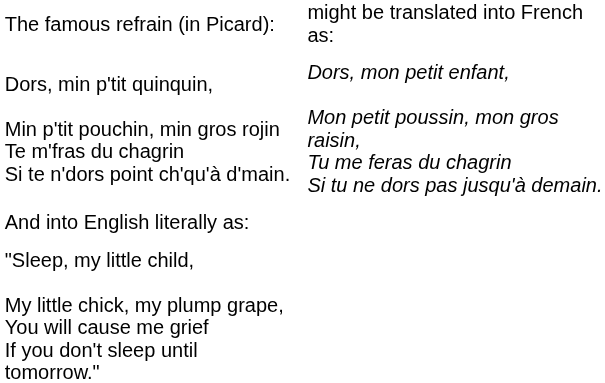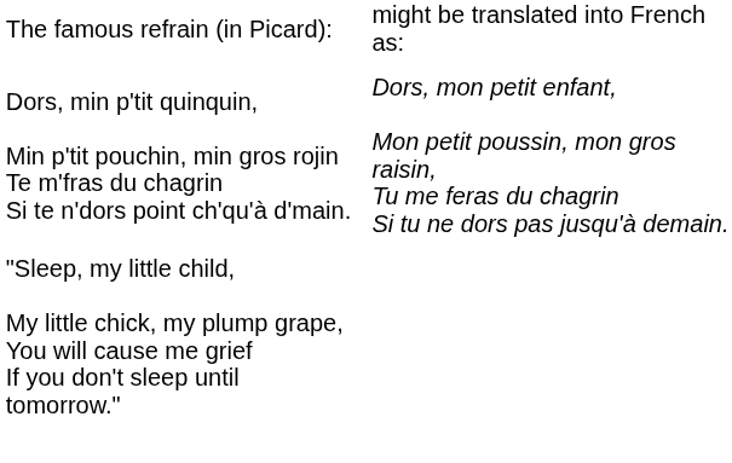 <table cellpadding=5 align=center width=80%>
 <tr>
 <td>The famous refrain (in Picard):</td>
 <td>might be translated into French as:</td>
 </tr>
 <tr -->
 <td>Dors, min p'tit quinquin,<br><br>Min p'tit pouchin, min gros rojin<br> Te m'fras du chagrin<br> Si te n'dors point ch'qu'à d'main.</td>
 <td><em>Dors, mon petit enfant,</em><br><br><em>Mon petit poussin, mon gros raisin,</em><br> <em>Tu me feras du chagrin</em><br> <em>Si tu ne dors pas jusqu'à demain.</em></td>
 </tr>
 <tr -->
-<td>And into English literally as:</td>
-<td> </td>
-</tr>
-<tr -->
 <td>"Sleep, my little child,<br><br>My little chick, my plump grape,<br> You will cause me grief<br> If you don't sleep until tomorrow."</td>
 <td> </td>
 </tr>
 </table>
